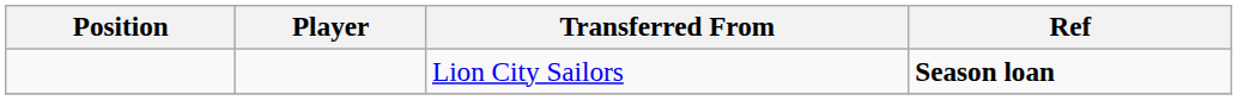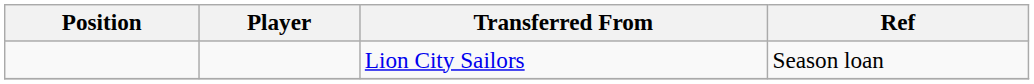 <table class="wikitable sortable" style="width:80%; text-align:center; font-size:100%; text-align:left;">
 <tr>
 <th><strong>Position</strong></th>
 <th><strong>Player</strong></th>
 <th><strong>Transferred From</strong></th>
 <th><strong>Ref</strong></th>
 </tr>
 <tr>
 <td></td>
 <td></td>
 <td> <a href='#'>Lion City Sailors</a></td>
-<td><strong>Season loan </strong></td>
+<td>Season loan </td>
 </tr>
 <tr>
 </tr>
 </table>
